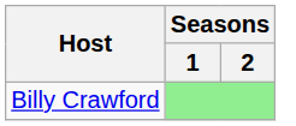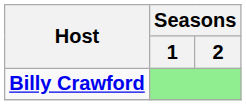 <table class="wikitable">
 <tr>
 <th rowspan="2">Host</th>
 <th colspan="2">Seasons</th>
 </tr>
 <tr>
 <th>1</th>
 <th>2</th>
 </tr>
 <tr>
-<td><a href='#'>Billy Crawford</a></td>
+<td><strong><a href='#'>Billy Crawford</a></strong></td>
 <td colspan="2" bgcolor="#90ee90"></td>
 </tr>
 <tr>
 </tr>
 </table>
